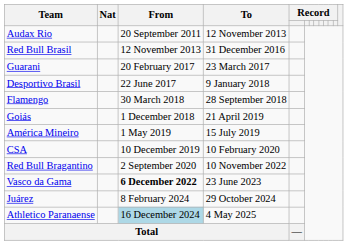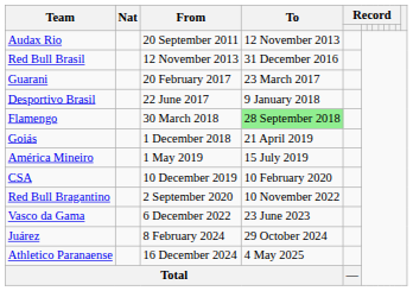 <table class="wikitable" style="text-align: center">
 <tr>
 <th rowspan="2">Team</th>
 <th rowspan="2">Nat</th>
 <th rowspan="2">From</th>
 <th rowspan="2">To</th>
 <th colspan="8">Record</th>
 <th rowspan=2></th>
 </tr>
 <tr>
 <th></th>
 <th></th>
 <th></th>
 <th></th>
 <th></th>
 <th></th>
 <th></th>
 <th></th>
 </tr>
 <tr>
 <td align=left><a href='#'>Audax Rio</a></td>
 <td></td>
 <td align=left>20 September 2011</td>
 <td align=left>12 November 2013<br></td>
 <td></td>
 </tr>
 <tr>
 <td align=left><a href='#'>Red Bull Brasil</a></td>
 <td></td>
 <td align=left>12 November 2013</td>
 <td align=left>31 December 2016<br></td>
 <td></td>
 </tr>
 <tr>
 <td align=left><a href='#'>Guarani</a></td>
 <td></td>
 <td align=left>20 February 2017</td>
 <td align=left>23 March 2017<br></td>
 <td></td>
 </tr>
 <tr>
 <td align=left><a href='#'>Desportivo Brasil</a></td>
 <td></td>
 <td align=left>22 June 2017</td>
 <td align=left>9 January 2018<br></td>
 <td></td>
 </tr>
 <tr>
 <td align=left><a href='#'>Flamengo</a></td>
 <td></td>
 <td align=left>30 March 2018</td>
-<td align=left>28 September 2018<br></td>
+<td align=left style="background: lightgreen;">28 September 2018<br></td>
 <td></td>
 </tr>
 <tr>
 <td align=left><a href='#'>Goiás</a></td>
 <td></td>
 <td align=left>1 December 2018</td>
 <td align=left>21 April 2019<br></td>
 <td></td>
 </tr>
 <tr>
 <td align=left><a href='#'>América Mineiro</a></td>
 <td></td>
 <td align=left>1 May 2019</td>
 <td align=left>15 July 2019<br></td>
 <td></td>
 </tr>
 <tr>
 <td align=left><a href='#'>CSA</a></td>
 <td></td>
 <td align=left>10 December 2019</td>
 <td align=left>10 February 2020<br></td>
 <td></td>
 </tr>
 <tr>
 <td align=left><a href='#'>Red Bull Bragantino</a></td>
 <td></td>
 <td align=left>2 September 2020</td>
 <td align=left>10 November 2022<br></td>
 <td></td>
 </tr>
 <tr>
 <td align=left><a href='#'>Vasco da Gama</a></td>
 <td></td>
-<td align=left><strong>6 December 2022</strong></td>
+<td align=left>6 December 2022</td>
 <td align=left>23 June 2023<br></td>
 <td></td>
 </tr>
 <tr>
 <td align=left><a href='#'>Juárez</a></td>
 <td></td>
 <td align=left>8 February 2024</td>
 <td align=left>29 October 2024<br></td>
 <td></td>
 </tr>
 <tr>
 <td align=left><a href='#'>Athletico Paranaense</a></td>
 <td></td>
-<td align=left style="background: lightblue;">16 December 2024</td>
+<td align=left>16 December 2024</td>
 <td align=left>4 May 2025<br></td>
 <td></td>
 </tr>
 <tr>
 <th colspan="4">Total<br></th>
 <th>—</th>
 </tr>
 </table>
